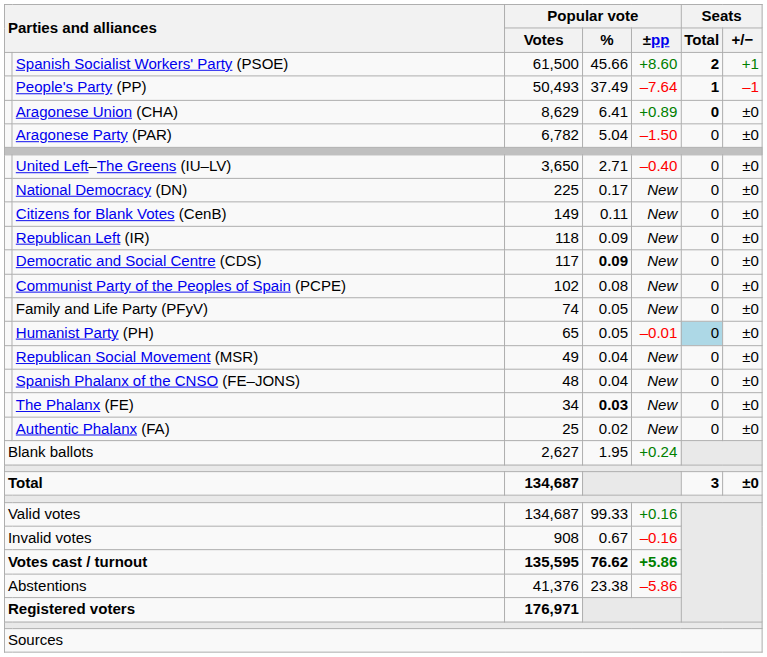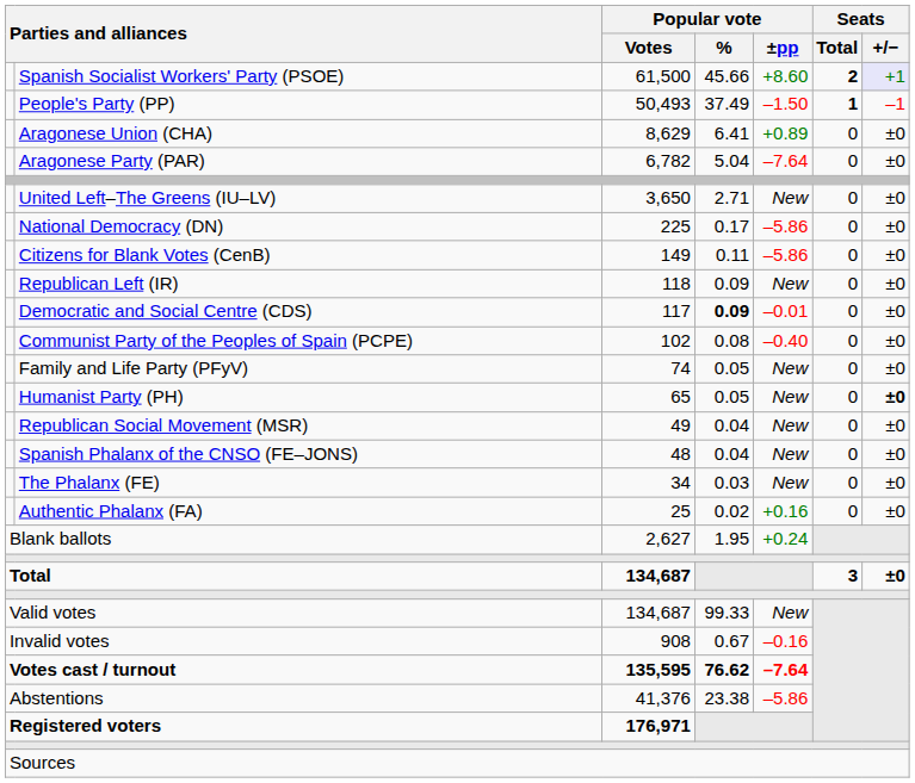 <table class="wikitable" style="text-align:right;">
 <tr>
 <th style="text-align:left;" rowspan="2" colspan="2" width="525">Parties and alliances</th>
 <th colspan="3">Popular vote</th>
 <th colspan="2">Seats</th>
 </tr>
 <tr>
 <th width="75">Votes</th>
 <th width="45">%</th>
 <th width="45">±<a href='#'>pp</a></th>
 <th width="35">Total</th>
 <th width="35">+/−</th>
 </tr>
 <tr>
 <td width="1" style="color:inherit;background:"></td>
 <td align="left"><a href='#'>Spanish Socialist Workers' Party</a> (PSOE)</td>
 <td>61,500</td>
 <td>45.66</td>
 <td style="color:green;">+8.60</td>
 <td><strong>2</strong></td>
-<td style="color:green;">+1</td>
+<td style="background: lavender; color:green;">+1</td>
 </tr>
 <tr>
 <td style="color:inherit;background:"></td>
 <td align="left"><a href='#'>People's Party</a> (PP)</td>
 <td>50,493</td>
 <td>37.49</td>
-<td style="color:red;">–7.64</td>
+<td style="color:red;">–1.50</td>
 <td><strong>1</strong></td>
 <td style="color:red;">–1</td>
 </tr>
 <tr>
 <td style="color:inherit;background:"></td>
 <td align="left"><a href='#'>Aragonese Union</a> (CHA)</td>
 <td>8,629</td>
 <td>6.41</td>
 <td style="color:green;">+0.89</td>
-<td><strong>0</strong></td>
+<td>0</td>
 <td>±0</td>
 </tr>
 <tr>
 <td style="color:inherit;background:"></td>
 <td align="left"><a href='#'>Aragonese Party</a> (PAR)</td>
 <td>6,782</td>
 <td>5.04</td>
-<td style="color:red;">–1.50</td>
+<td style="color:red;">–7.64</td>
 <td>0</td>
 <td>±0</td>
 </tr>
 <tr>
 <td colspan="7" bgcolor="#C0C0C0"></td>
 </tr>
 <tr>
 <td style="color:inherit;background:"></td>
 <td align="left"><a href='#'>United Left</a>–<a href='#'>The Greens</a> (IU–LV)</td>
 <td>3,650</td>
 <td>2.71</td>
-<td style="color:red;">–0.40</td>
+<td><em>New</em></td>
 <td>0</td>
 <td>±0</td>
 </tr>
 <tr>
 <td style="color:inherit;background:"></td>
 <td align="left"><a href='#'>National Democracy</a> (DN)</td>
 <td>225</td>
 <td>0.17</td>
-<td><em>New</em></td>
+<td style="color:red;">–5.86</td>
 <td>0</td>
 <td>±0</td>
 </tr>
 <tr>
 <td style="color:inherit;background:"></td>
 <td align="left"><a href='#'>Citizens for Blank Votes</a> (CenB)</td>
 <td>149</td>
 <td>0.11</td>
-<td><em>New</em></td>
+<td style="color:red;">–5.86</td>
 <td>0</td>
 <td>±0</td>
 </tr>
 <tr>
 <td style="color:inherit;background:"></td>
 <td align="left"><a href='#'>Republican Left</a> (IR)</td>
 <td>118</td>
 <td>0.09</td>
 <td><em>New</em></td>
 <td>0</td>
 <td>±0</td>
 </tr>
 <tr>
 <td style="color:inherit;background:"></td>
 <td align="left"><a href='#'>Democratic and Social Centre</a> (CDS)</td>
 <td>117</td>
 <td><strong>0.09</strong></td>
-<td><em>New</em></td>
+<td style="color:red;">–0.01</td>
 <td>0</td>
 <td>±0</td>
 </tr>
 <tr>
 <td style="color:inherit;background:"></td>
 <td align="left"><a href='#'>Communist Party of the Peoples of Spain</a> (PCPE)</td>
 <td>102</td>
 <td>0.08</td>
-<td><em>New</em></td>
+<td style="color:red;">–0.40</td>
 <td>0</td>
 <td>±0</td>
 </tr>
 <tr>
 <td style="color:inherit;background:"></td>
 <td align="left">Family and Life Party (PFyV)</td>
 <td>74</td>
 <td>0.05</td>
 <td><em>New</em></td>
 <td>0</td>
 <td>±0</td>
 </tr>
 <tr>
 <td style="color:inherit;background:"></td>
 <td align="left"><a href='#'>Humanist Party</a> (PH)</td>
 <td>65</td>
 <td>0.05</td>
-<td style="color:red;">–0.01</td>
-<td style="background: lightblue;">0</td>
-<td>±0</td>
+<td><em>New</em></td>
+<td>0</td>
+<td><strong>±0</strong></td>
 </tr>
 <tr>
 <td style="color:inherit;background:"></td>
 <td align="left"><a href='#'>Republican Social Movement</a> (MSR)</td>
 <td>49</td>
 <td>0.04</td>
 <td><em>New</em></td>
 <td>0</td>
 <td>±0</td>
 </tr>
 <tr>
 <td style="color:inherit;background:"></td>
 <td align="left"><a href='#'>Spanish Phalanx of the CNSO</a> (FE–JONS)</td>
 <td>48</td>
 <td>0.04</td>
 <td><em>New</em></td>
 <td>0</td>
 <td>±0</td>
 </tr>
 <tr>
 <td style="color:inherit;background:"></td>
 <td align="left"><a href='#'>The Phalanx</a> (FE)</td>
 <td>34</td>
-<td><strong>0.03</strong></td>
+<td>0.03</td>
 <td><em>New</em></td>
 <td>0</td>
 <td>±0</td>
 </tr>
 <tr>
 <td style="color:inherit;background:"></td>
 <td align="left"><a href='#'>Authentic Phalanx</a> (FA)</td>
 <td>25</td>
 <td>0.02</td>
-<td><em>New</em></td>
+<td style="color:green;">+0.16</td>
 <td>0</td>
 <td>±0</td>
 </tr>
 <tr>
 <td align="left" colspan="2">Blank ballots</td>
 <td>2,627</td>
 <td>1.95</td>
 <td style="color:green;">+0.24</td>
 <td bgcolor="#E9E9E9" colspan="2"></td>
 </tr>
 <tr>
 <td colspan="7" bgcolor="#E9E9E9"></td>
 </tr>
 <tr style="font-weight:bold;">
 <td align="left" colspan="2">Total</td>
 <td>134,687</td>
 <td bgcolor="#E9E9E9" colspan="2"></td>
 <td>3</td>
 <td>±0</td>
 </tr>
 <tr>
 <td colspan="7" bgcolor="#E9E9E9"></td>
 </tr>
 <tr>
 <td align="left" colspan="2">Valid votes</td>
 <td>134,687</td>
 <td>99.33</td>
-<td style="color:green;">+0.16</td>
+<td><em>New</em></td>
 <td bgcolor="#E9E9E9" colspan="2" rowspan="5"></td>
 </tr>
 <tr>
 <td align="left" colspan="2">Invalid votes</td>
 <td>908</td>
 <td>0.67</td>
 <td style="color:red;">–0.16</td>
 </tr>
 <tr style="font-weight:bold;">
 <td align="left" colspan="2">Votes cast / turnout</td>
 <td>135,595</td>
 <td>76.62</td>
-<td style="color:green;">+5.86</td>
+<td style="color:red;">–7.64</td>
 </tr>
 <tr>
 <td align="left" colspan="2">Abstentions</td>
 <td>41,376</td>
 <td>23.38</td>
 <td style="color:red;">–5.86</td>
 </tr>
 <tr style="font-weight:bold;">
 <td align="left" colspan="2">Registered voters</td>
 <td>176,971</td>
 <td bgcolor="#E9E9E9" colspan="2"></td>
 </tr>
 <tr>
 <td colspan="7" bgcolor="#E9E9E9"></td>
 </tr>
 <tr>
 <td align="left" colspan="7">Sources</td>
 </tr>
 </table>
